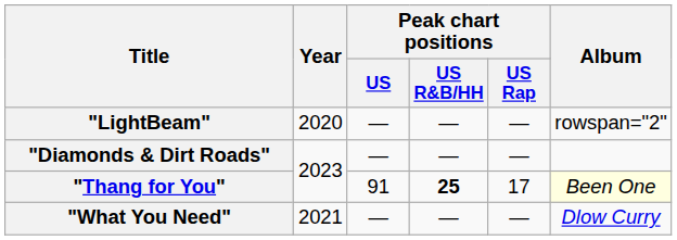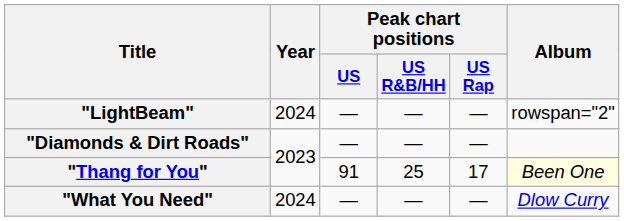 <table class="wikitable plainrowheaders" style="text-align:center">
 <tr>
 <th scope="col" rowspan="2" style="width:14em;">Title</th>
 <th scope="col" rowspan="2">Year</th>
 <th scope="col" colspan="3">Peak chart positions</th>
 <th scope="col" rowspan="2">Album</th>
 </tr>
 <tr>
 <th scope="col" style="width:3em;font-size:90%;"><a href='#'>US</a><br></th>
 <th scope="col" style="width:3em; font-size:90%"><a href='#'>US<br>R&B/HH</a><br></th>
 <th scope="col" style="width:3em; font-size:90%"><a href='#'>US<br>Rap</a><br></th>
 </tr>
 <tr>
 <th scope="row">"LightBeam"<br></th>
-<td>2020</td>
+<td>2024</td>
 <td>—</td>
 <td>—</td>
 <td>—</td>
 <td>rowspan="2" </td>
 </tr>
 <tr>
 <th scope="row">"Diamonds & Dirt Roads"<br></th>
 <td rowspan="2">2023</td>
 <td>—</td>
 <td>—</td>
 <td>—</td>
 </tr>
 <tr>
 <th scope="row">"<a href='#'>Thang for You</a>"<br></th>
 <td>91</td>
-<td><strong>25</strong></td>
+<td>25</td>
 <td>17</td>
 <td style="background: lightyellow;"><em>Been One</em></td>
 </tr>
 <tr>
 <th scope="row">"What You Need"<br></th>
-<td>2021</td>
+<td>2024</td>
 <td>—</td>
 <td>—</td>
 <td>—</td>
 <td><em><a href='#'>Dlow Curry</a></em></td>
 </tr>
 </table>
